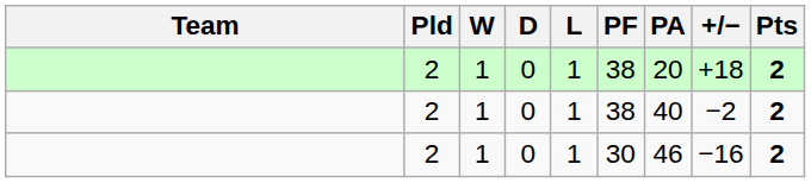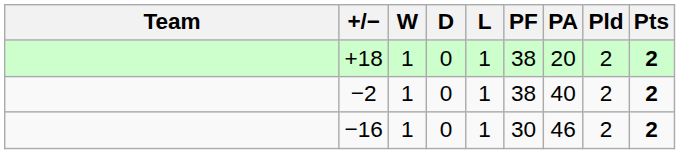 <table class="wikitable" style="text-align:center">
 <tr>
 <th width="230">Team</th>
-<th width="20">Pld</th>
+<th width="25">+/−</th>
 <th width="20">W</th>
 <th width="20">D</th>
 <th width="20">L</th>
 <th width="20">PF</th>
 <th width="20">PA</th>
-<th width="25">+/−</th>
+<th width="20">Pld</th>
 <th width="20">Pts</th>
 </tr>
 <tr style="background: #ccffcc;">
 <td style="text-align:left;"></td>
-<td>2</td>
+<td>+18</td>
 <td>1</td>
 <td>0</td>
 <td>1</td>
 <td>38</td>
 <td>20</td>
-<td>+18</td>
+<td>2</td>
 <td><strong>2</strong></td>
 </tr>
 <tr>
 <td style="text-align:left;"></td>
-<td>2</td>
+<td>−2</td>
 <td>1</td>
 <td>0</td>
 <td>1</td>
 <td>38</td>
 <td>40</td>
-<td>−2</td>
+<td>2</td>
 <td><strong>2</strong></td>
 </tr>
 <tr>
 <td style="text-align:left;"></td>
-<td>2</td>
+<td>−16</td>
 <td>1</td>
 <td>0</td>
 <td>1</td>
 <td>30</td>
 <td>46</td>
-<td>−16</td>
+<td>2</td>
 <td><strong>2</strong></td>
 </tr>
 </table>
